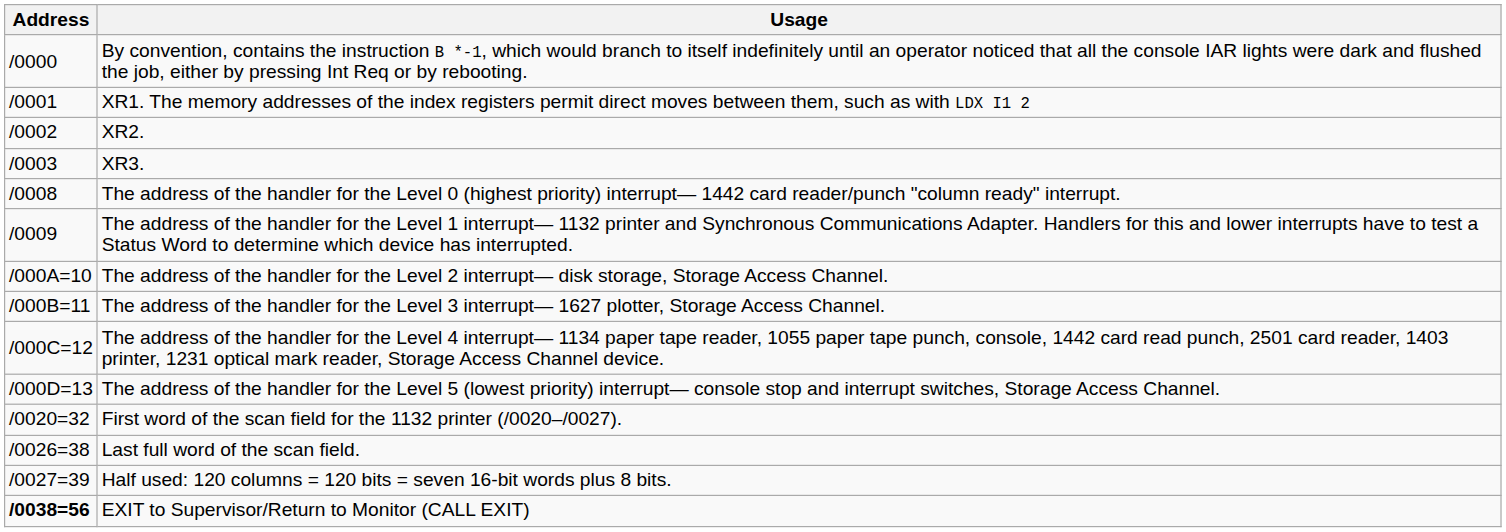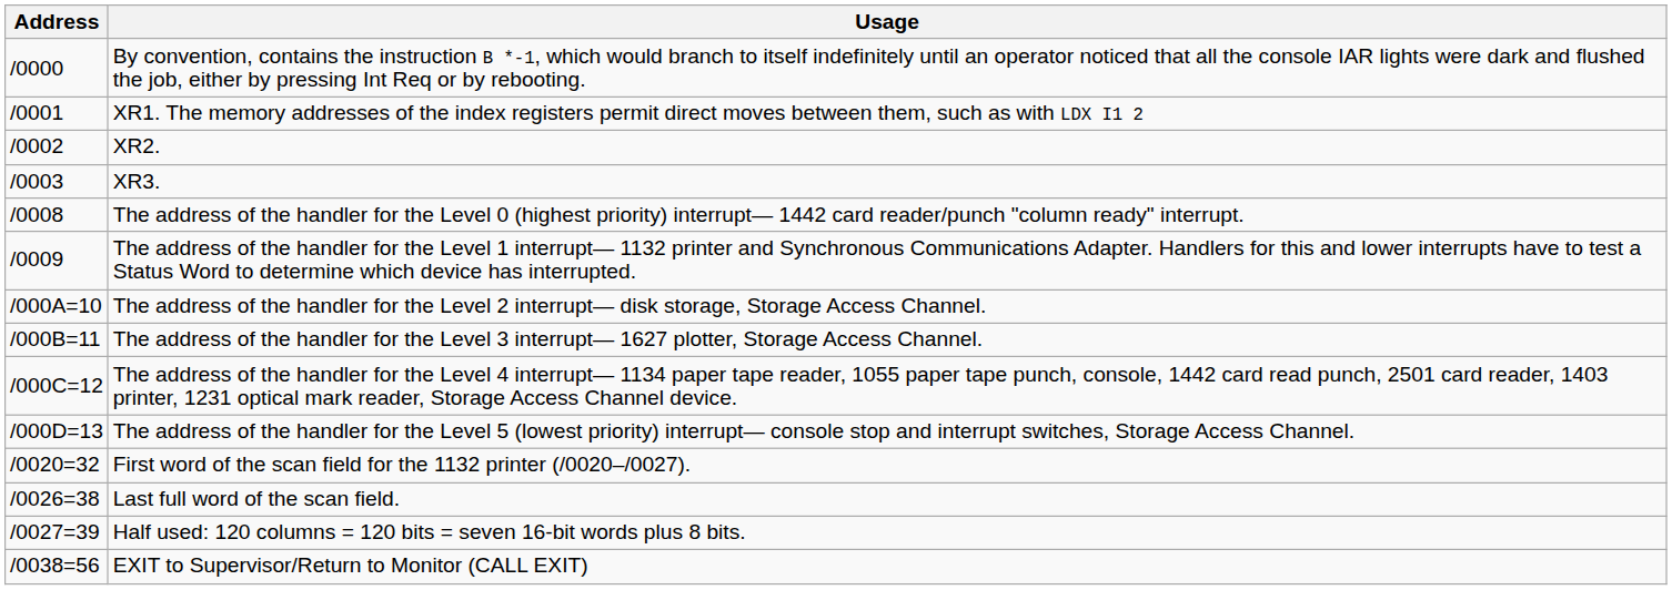 <table class="wikitable">
 <tr>
 <th>Address</th>
 <th>Usage</th>
 </tr>
 <tr>
 <td>/0000</td>
 <td>By convention, contains the instruction <code>B *-1</code>, which would branch to itself indefinitely until an operator noticed that all the console IAR lights were dark and flushed the job, either by pressing Int Req or by rebooting.</td>
 </tr>
 <tr>
 <td>/0001</td>
 <td>XR1.  The memory addresses of the index registers permit direct moves between them, such as with <code>LDX I1 2</code></td>
 </tr>
 <tr>
 <td>/0002</td>
 <td>XR2.</td>
 </tr>
 <tr>
 <td>/0003</td>
 <td>XR3.</td>
 </tr>
 <tr>
 <td>/0008</td>
 <td>The address of the handler for the Level 0 (highest priority) interrupt— 1442 card reader/punch "column ready" interrupt.</td>
 </tr>
 <tr>
 <td>/0009</td>
 <td>The address of the handler for the Level 1 interrupt— 1132 printer and Synchronous Communications Adapter.  Handlers for this and lower interrupts have to test a Status Word to determine which device has interrupted.</td>
 </tr>
 <tr>
 <td>/000A=10</td>
 <td>The address of the handler for the Level 2 interrupt— disk storage, Storage Access Channel.</td>
 </tr>
 <tr>
 <td>/000B=11</td>
 <td>The address of the handler for the Level 3 interrupt— 1627 plotter, Storage Access Channel.</td>
 </tr>
 <tr>
 <td>/000C=12</td>
 <td>The address of the handler for the Level 4 interrupt— 1134 paper tape reader, 1055 paper tape punch, console, 1442 card read punch, 2501 card reader, 1403 printer, 1231 optical mark reader, Storage Access Channel device.</td>
 </tr>
 <tr>
 <td>/000D=13</td>
 <td>The address of the handler for the Level 5 (lowest priority) interrupt— console stop  and interrupt switches, Storage Access Channel.</td>
 </tr>
 <tr>
 <td>/0020=32</td>
 <td>First word of the scan field for the 1132 printer (/0020–/0027).</td>
 </tr>
 <tr>
 <td>/0026=38</td>
 <td>Last full word of the scan field.</td>
 </tr>
 <tr>
 <td>/0027=39</td>
 <td>Half used: 120 columns = 120 bits = seven 16-bit words plus 8 bits.</td>
 </tr>
 <tr>
-<td><strong>/0038=56</strong></td>
+<td>/0038=56</td>
 <td>EXIT to Supervisor/Return to Monitor (CALL EXIT)</td>
 </tr>
 </table>
